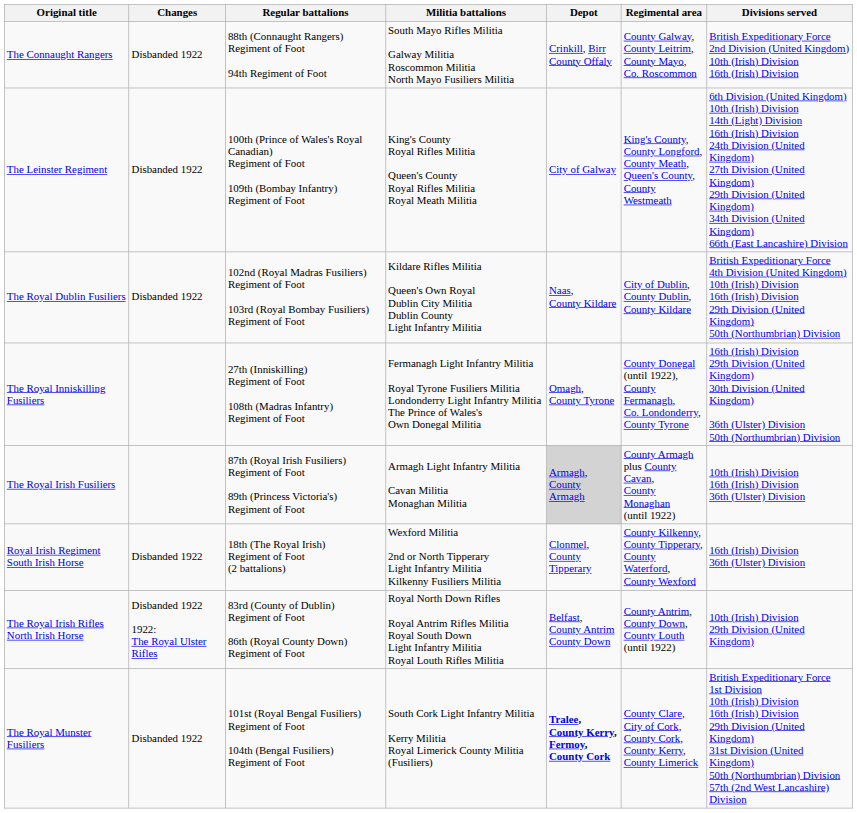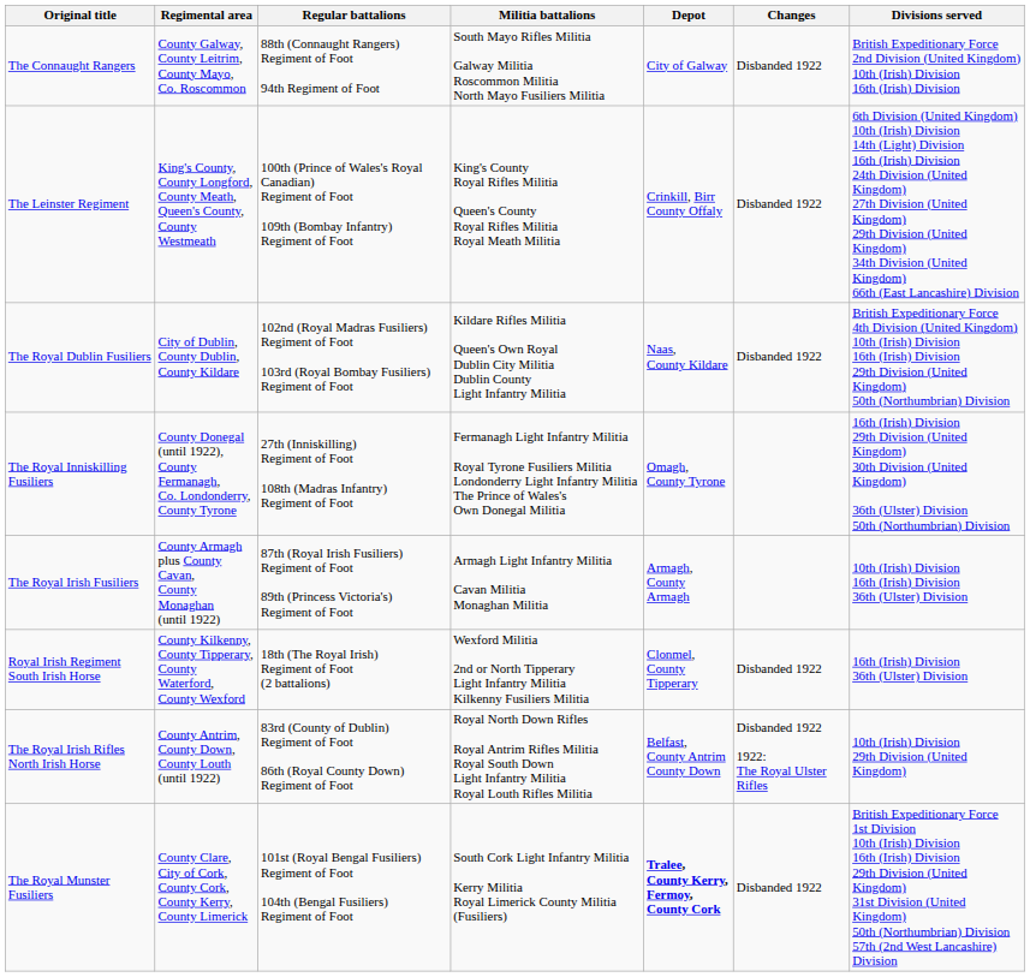 <table class="wikitable">
 <tr>
 <th>Original title</th>
-<th>Changes</th>
+<th>Regimental area</th>
 <th>Regular battalions</th>
 <th>Militia battalions</th>
 <th>Depot</th>
-<th>Regimental area</th>
+<th>Changes</th>
 <th>Divisions served</th>
 </tr>
 <tr>
 <td><a href='#'>The Connaught Rangers</a></td>
-<td>Disbanded 1922<br></td>
+<td><a href='#'>County Galway</a>,<br><a href='#'>County Leitrim</a>,<br><a href='#'>County Mayo</a>,<br><a href='#'>Co. Roscommon</a></td>
 <td>88th (Connaught Rangers) <br>Regiment of Foot<br><br>94th Regiment of Foot</td>
 <td>South Mayo Rifles Militia<br><br>Galway Militia<br> Roscommon Militia<br> North Mayo Fusiliers Militia</td>
-<td><a href='#'>Crinkill</a>, <a href='#'>Birr</a> <br><a href='#'>County Offaly</a></td>
-<td><a href='#'>County Galway</a>,<br><a href='#'>County Leitrim</a>,<br><a href='#'>County Mayo</a>,<br><a href='#'>Co. Roscommon</a></td>
+<td><a href='#'>City of Galway</a></td>
+<td>Disbanded 1922<br></td>
 <td><a href='#'>British Expeditionary Force</a> <br> <a href='#'>2nd Division (United Kingdom)</a> <br><a href='#'>10th (Irish) Division</a><br> <a href='#'>16th (Irish) Division</a></td>
 </tr>
 <tr>
 <td><a href='#'>The Leinster Regiment</a></td>
-<td>Disbanded 1922<br></td>
+<td><a href='#'>King's County</a>, <br><a href='#'>County Longford</a>,<br> <a href='#'>County Meath</a>, <br><a href='#'>Queen's County</a>, <br> <a href='#'>County Westmeath</a></td>
 <td>100th (Prince of Wales's Royal Canadian)<br> Regiment of Foot<br><br>109th (Bombay Infantry)<br> Regiment of Foot</td>
 <td>King's County <br> Royal Rifles Militia<br><br>Queen's County <br> Royal Rifles Militia<br> Royal Meath Militia</td>
-<td><a href='#'>City of Galway</a></td>
-<td><a href='#'>King's County</a>, <br><a href='#'>County Longford</a>,<br> <a href='#'>County Meath</a>, <br><a href='#'>Queen's County</a>, <br> <a href='#'>County Westmeath</a></td>
+<td><a href='#'>Crinkill</a>, <a href='#'>Birr</a> <br><a href='#'>County Offaly</a></td>
+<td>Disbanded 1922<br></td>
 <td><a href='#'>6th Division (United Kingdom)</a> <br> <a href='#'>10th (Irish) Division</a> <br> <a href='#'>14th (Light) Division</a> <br> <a href='#'>16th (Irish) Division</a> <br> <a href='#'>24th Division (United Kingdom)</a> <br> <a href='#'>27th Division (United Kingdom)</a> <br> <a href='#'>29th Division (United Kingdom)</a> <br> <a href='#'>34th Division (United Kingdom)</a> <br> <a href='#'>66th (East Lancashire) Division</a></td>
 </tr>
 <tr>
 <td><a href='#'>The Royal Dublin Fusiliers</a></td>
-<td>Disbanded 1922<br></td>
+<td><a href='#'>City of Dublin</a>,<br> <a href='#'>County Dublin</a>, <br> <a href='#'>County Kildare</a></td>
 <td>102nd (Royal Madras Fusiliers) <br> Regiment of Foot<br><br>103rd (Royal Bombay Fusiliers) <br> Regiment of Foot</td>
 <td>Kildare Rifles Militia<br><br>Queen's Own Royal <br> Dublin City Militia<br> Dublin County <br>Light Infantry Militia</td>
 <td><a href='#'>Naas</a>,<br> <a href='#'>County Kildare</a></td>
-<td><a href='#'>City of Dublin</a>,<br> <a href='#'>County Dublin</a>, <br> <a href='#'>County Kildare</a></td>
+<td>Disbanded 1922<br></td>
 <td><a href='#'>British Expeditionary Force</a><br> <a href='#'>4th Division (United Kingdom)</a> <br> <a href='#'>10th (Irish) Division</a> <br> <a href='#'>16th (Irish) Division</a> <br> <a href='#'>29th Division (United Kingdom)</a> <br> <a href='#'>50th (Northumbrian) Division</a></td>
 </tr>
 <tr>
 <td><a href='#'>The Royal Inniskilling Fusiliers</a></td>
-<td> </td>
+<td><a href='#'>County Donegal</a> <br>(until 1922), <br> <a href='#'>County Fermanagh</a>, <br><a href='#'>Co. Londonderry</a>, <br> <a href='#'>County Tyrone</a></td>
 <td>27th (Inniskilling) <br> Regiment of Foot<br><br>108th (Madras Infantry)<br> Regiment of Foot</td>
 <td>Fermanagh Light Infantry Militia<br><br>Royal Tyrone Fusiliers Militia<br> Londonderry Light Infantry Militia<br> The Prince of Wales's <br>Own Donegal Militia</td>
 <td><a href='#'>Omagh</a>,<br> <a href='#'>County Tyrone</a></td>
-<td><a href='#'>County Donegal</a> <br>(until 1922), <br> <a href='#'>County Fermanagh</a>, <br><a href='#'>Co. Londonderry</a>, <br> <a href='#'>County Tyrone</a></td>
+<td> </td>
 <td><a href='#'>16th (Irish) Division</a> <br> <a href='#'>29th Division (United Kingdom)</a> <br> <a href='#'>30th Division (United Kingdom)</a> <br><br><a href='#'>36th (Ulster) Division</a> <br> <a href='#'>50th (Northumbrian) Division</a></td>
 </tr>
 <tr>
 <td><a href='#'>The Royal Irish Fusiliers</a></td>
-<td> </td>
+<td><a href='#'>County Armagh</a> <br> plus <a href='#'>County Cavan</a>,<br> <a href='#'>County Monaghan</a> <br> (until 1922)</td>
 <td>87th (Royal Irish Fusiliers)<br> Regiment of Foot<br><br>89th (Princess Victoria's) <br> Regiment of Foot</td>
 <td>Armagh Light Infantry Militia<br><br>Cavan Militia<br> Monaghan Militia</td>
-<td style="background: lightgrey;"><a href='#'>Armagh</a>,<br> <a href='#'>County Armagh</a></td>
-<td><a href='#'>County Armagh</a> <br> plus <a href='#'>County Cavan</a>,<br> <a href='#'>County Monaghan</a> <br> (until 1922)</td>
+<td><a href='#'>Armagh</a>,<br> <a href='#'>County Armagh</a></td>
+<td> </td>
 <td><a href='#'>10th (Irish) Division</a> <br> <a href='#'>16th (Irish) Division</a> <br> <a href='#'>36th (Ulster) Division</a></td>
 </tr>
 <tr>
 <td><a href='#'>Royal Irish Regiment</a><br><a href='#'>South Irish Horse</a> <br></td>
-<td>Disbanded 1922<br></td>
+<td><a href='#'>County Kilkenny</a>, <br> <a href='#'>County Tipperary</a>,<br> <a href='#'>County Waterford</a>, <br><a href='#'>County Wexford</a></td>
 <td>18th (The Royal Irish)<br> Regiment of Foot <br> (2 battalions)</td>
 <td>Wexford Militia<br><br>2nd or North Tipperary <br> Light Infantry Militia<br> Kilkenny Fusiliers Militia<br></td>
 <td><a href='#'>Clonmel</a>,<br> <a href='#'>County Tipperary</a></td>
-<td><a href='#'>County Kilkenny</a>, <br> <a href='#'>County Tipperary</a>,<br> <a href='#'>County Waterford</a>, <br><a href='#'>County Wexford</a></td>
+<td>Disbanded 1922<br></td>
 <td><a href='#'>16th (Irish) Division</a> <br> <a href='#'>36th (Ulster) Division</a></td>
 </tr>
 <tr>
 <td><a href='#'>The Royal Irish Rifles</a> <br> <a href='#'>North Irish Horse</a> <br></td>
-<td>Disbanded 1922<br><br>1922: <br><a href='#'>The Royal Ulster Rifles</a></td>
+<td><a href='#'>County Antrim</a>, <br> <a href='#'>County Down</a>,<br> <a href='#'>County Louth</a> <br> (until 1922)</td>
 <td>83rd (County of Dublin) <br>Regiment of Foot<br><br>86th (Royal County Down) <br>Regiment of Foot</td>
 <td>Royal North Down Rifles<br><br>Royal Antrim Rifles Militia<br> Royal South Down <br> Light Infantry Militia<br> Royal Louth Rifles Militia</td>
 <td><a href='#'>Belfast</a>, <br><a href='#'>County Antrim</a> <br> <a href='#'>County Down</a> <br></td>
-<td><a href='#'>County Antrim</a>, <br> <a href='#'>County Down</a>,<br> <a href='#'>County Louth</a> <br> (until 1922)</td>
+<td>Disbanded 1922<br><br>1922: <br><a href='#'>The Royal Ulster Rifles</a></td>
 <td><a href='#'>10th (Irish) Division</a><br> <a href='#'>29th Division (United Kingdom)</a></td>
 </tr>
 <tr>
 <td><a href='#'>The Royal Munster Fusiliers</a></td>
-<td>Disbanded 1922 <br></td>
+<td><a href='#'>County Clare</a>, <br> <a href='#'>City of Cork</a>, <br> <a href='#'>County Cork</a>,<br> <a href='#'>County Kerry</a>, <br> <a href='#'>County Limerick</a></td>
 <td>101st (Royal Bengal Fusiliers) <br> Regiment of Foot<br><br>104th (Bengal Fusiliers) <br> Regiment of Foot</td>
 <td>South Cork Light Infantry Militia<br><br>Kerry Militia<br> Royal Limerick County Militia (Fusiliers)</td>
 <td><strong><a href='#'>Tralee</a>,<br> <a href='#'>County Kerry</a>, <br> <a href='#'>Fermoy</a>,<br> <a href='#'>County Cork</a></strong></td>
-<td><a href='#'>County Clare</a>, <br> <a href='#'>City of Cork</a>, <br> <a href='#'>County Cork</a>,<br> <a href='#'>County Kerry</a>, <br> <a href='#'>County Limerick</a></td>
+<td>Disbanded 1922 <br></td>
 <td><a href='#'>British Expeditionary Force</a> <br> <a href='#'>1st Division</a> <br> <a href='#'>10th (Irish) Division</a> <br> <a href='#'>16th (Irish) Division</a> <br> <a href='#'>29th Division (United Kingdom)</a> <br> <a href='#'>31st Division (United Kingdom)</a> <br> <a href='#'>50th (Northumbrian) Division</a> <br> <a href='#'>57th (2nd West Lancashire) Division</a></td>
 </tr>
 </table>
